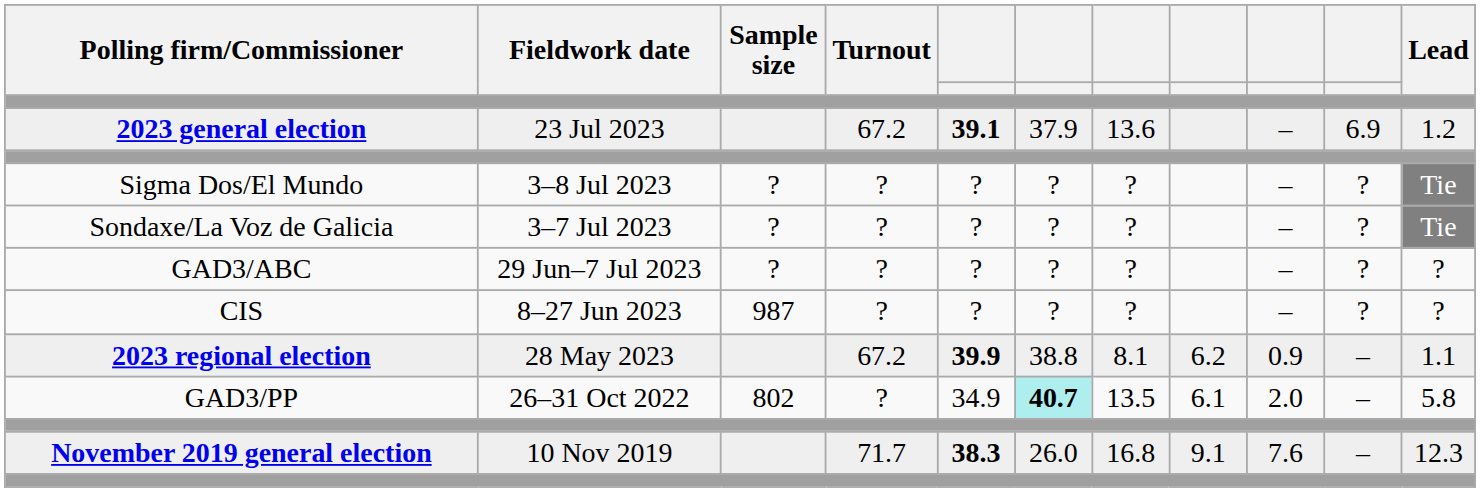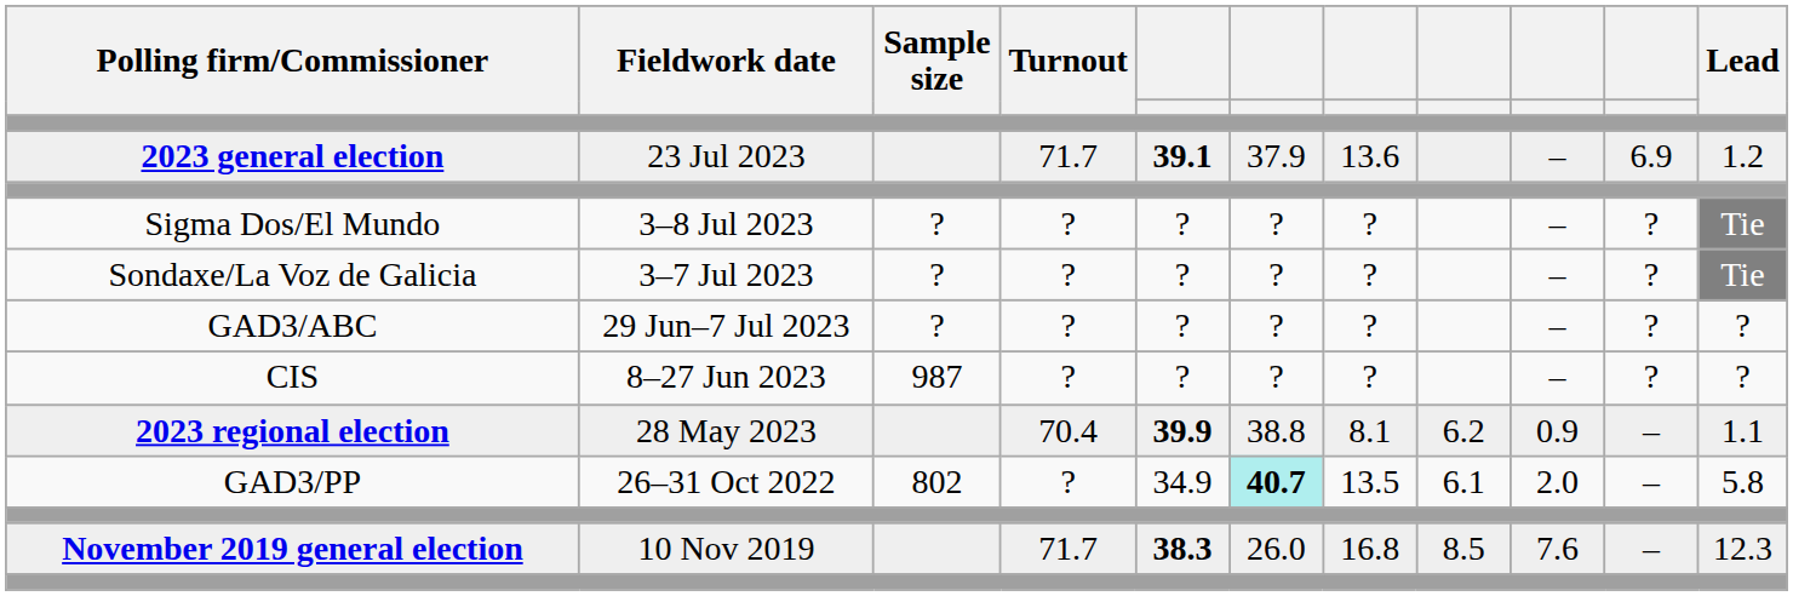 <table class="wikitable collapsible collapsed" style="text-align:center; font-size:95%; line-height:16px;">
 <tr style="height:42px;">
 <th style="width:250px;" rowspan="2">Polling firm/Commissioner</th>
 <th style="width:125px;" rowspan="2">Fieldwork date</th>
 <th style="width:50px;" rowspan="2">Sample size</th>
 <th style="width:45px;" rowspan="2">Turnout</th>
 <th style="width:35px;"></th>
 <th style="width:35px;"></th>
 <th style="width:35px;"></th>
 <th style="width:35px;"></th>
 <th style="width:35px;"></th>
 <th style="width:35px;"></th>
 <th style="width:30px;" rowspan="2">Lead</th>
 </tr>
 <tr>
 <th style="color:inherit;background:"></th>
 <th style="color:inherit;background:"></th>
 <th style="color:inherit;background:"></th>
 <th style="color:inherit;background:"></th>
 <th style="color:inherit;background:"></th>
 <th style="color:inherit;background:"></th>
 </tr>
 <tr>
 <td colspan="13" style="background:#A0A0A0"></td>
 </tr>
 <tr style="background:#EFEFEF;">
 <td><strong><a href='#'>2023 general election</a></strong></td>
 <td>23 Jul 2023</td>
 <td></td>
-<td>67.2</td>
+<td>71.7</td>
 <td><strong>39.1</strong><br></td>
 <td>37.9<br></td>
 <td>13.6<br></td>
 <td></td>
 <td>–</td>
 <td>6.9<br></td>
 <td style="background:">1.2</td>
 </tr>
 <tr>
 <td colspan="13" style="background:#A0A0A0"></td>
 </tr>
 <tr>
 <td>Sigma Dos/El Mundo</td>
 <td>3–8 Jul 2023</td>
 <td>?</td>
 <td>?</td>
 <td>?<br></td>
 <td>?<br></td>
 <td>?<br></td>
 <td></td>
 <td>–</td>
 <td>?<br></td>
 <td style="background:gray; color:white;">Tie</td>
 </tr>
 <tr>
 <td>Sondaxe/La Voz de Galicia</td>
 <td>3–7 Jul 2023</td>
 <td>?</td>
 <td>?</td>
 <td>?<br></td>
 <td>?<br></td>
 <td>?<br></td>
 <td></td>
 <td>–</td>
 <td>?<br></td>
 <td style="background:gray; color:white;">Tie</td>
 </tr>
 <tr>
 <td>GAD3/ABC</td>
 <td>29 Jun–7 Jul 2023</td>
 <td>?</td>
 <td>?</td>
 <td>?<br></td>
 <td>?<br></td>
 <td>?<br></td>
 <td></td>
 <td>–</td>
 <td>?<br></td>
 <td style="background:">?</td>
 </tr>
 <tr>
 <td>CIS</td>
 <td>8–27 Jun 2023</td>
 <td>987</td>
 <td>?</td>
 <td>?<br></td>
 <td>?<br></td>
 <td>?<br></td>
 <td></td>
 <td>–</td>
 <td>?<br></td>
 <td style="background:">?</td>
 </tr>
 <tr style="background:#EFEFEF;">
 <td><strong><a href='#'>2023 regional election</a></strong></td>
 <td>28 May 2023</td>
 <td></td>
-<td>67.2</td>
+<td>70.4</td>
 <td><strong>39.9</strong><br></td>
 <td>38.8<br></td>
 <td>8.1<br></td>
 <td>6.2<br></td>
 <td>0.9<br></td>
 <td>–</td>
 <td style="background:">1.1</td>
 </tr>
 <tr>
 <td>GAD3/PP</td>
 <td>26–31 Oct 2022</td>
 <td>802</td>
 <td>?</td>
 <td>34.9<br></td>
 <td style="background: paleturquoise;"><strong>40.7</strong><br></td>
 <td>13.5<br></td>
 <td>6.1<br></td>
 <td>2.0<br></td>
 <td>–</td>
 <td style="background:">5.8</td>
 </tr>
 <tr>
 <td colspan="11" style="background:#A0A0A0"></td>
 </tr>
 <tr style="background:#EFEFEF;">
 <td><strong><a href='#'>November 2019 general election</a></strong></td>
 <td>10 Nov 2019</td>
 <td></td>
 <td>71.7</td>
 <td><strong>38.3</strong><br></td>
 <td>26.0<br></td>
 <td>16.8<br></td>
-<td>9.1<br></td>
+<td>8.5<br></td>
 <td>7.6<br></td>
 <td>–</td>
 <td style="background:">12.3</td>
 </tr>
 <tr>
 <td colspan="11" style="background:#A0A0A0"></td>
 </tr>
 </table>
